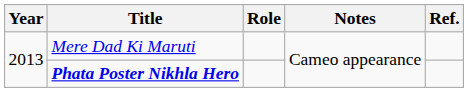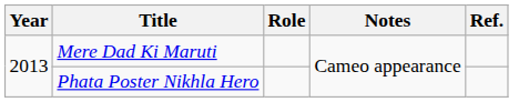 <table class="wikitable sortable">
 <tr>
 <th>Year</th>
 <th>Title</th>
 <th>Role</th>
 <th>Notes</th>
 <th>Ref.</th>
 </tr>
 <tr>
 <td rowspan="2">2013</td>
 <td><em><a href='#'>Mere Dad Ki Maruti</a></em></td>
 <td></td>
 <td rowspan="2">Cameo appearance</td>
 <td></td>
 </tr>
 <tr>
-<td><strong><em><a href='#'>Phata Poster Nikhla Hero</a></em></strong></td>
+<td><em><a href='#'>Phata Poster Nikhla Hero</a></em></td>
 <td></td>
 <td></td>
 </tr>
 </table>
